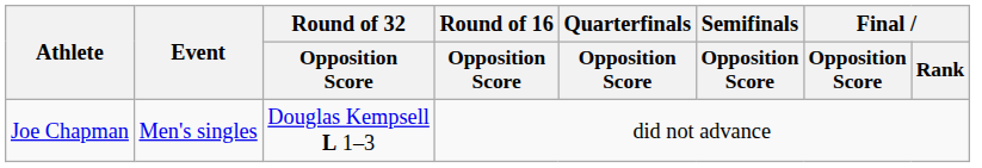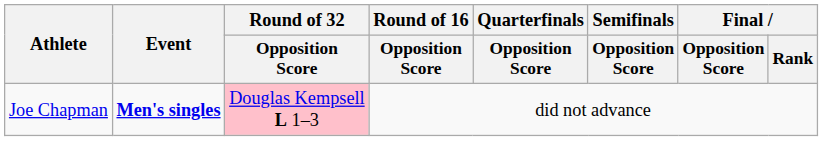 <table class="wikitable" style="font-size:90%">
 <tr>
 <th rowspan=2>Athlete</th>
 <th rowspan=2>Event</th>
 <th>Round of 32</th>
 <th>Round of 16</th>
 <th>Quarterfinals</th>
 <th>Semifinals</th>
 <th colspan="2">Final / </th>
 </tr>
 <tr style="font-size:95%">
 <th>Opposition<br>Score</th>
 <th>Opposition<br>Score</th>
 <th>Opposition<br>Score</th>
 <th>Opposition<br>Score</th>
 <th>Opposition<br>Score</th>
 <th>Rank</th>
 </tr>
 <tr align=center>
 <td align=left><a href='#'>Joe Chapman</a></td>
-<td align=left><a href='#'>Men's singles</a></td>
-<td> <a href='#'>Douglas Kempsell</a><br><strong>L</strong> 1–3</td>
+<td align=left><strong><a href='#'>Men's singles</a></strong></td>
+<td style="background: pink;"> <a href='#'>Douglas Kempsell</a><br><strong>L</strong> 1–3</td>
 <td colspan=5>did not advance</td>
 </tr>
 </table>
